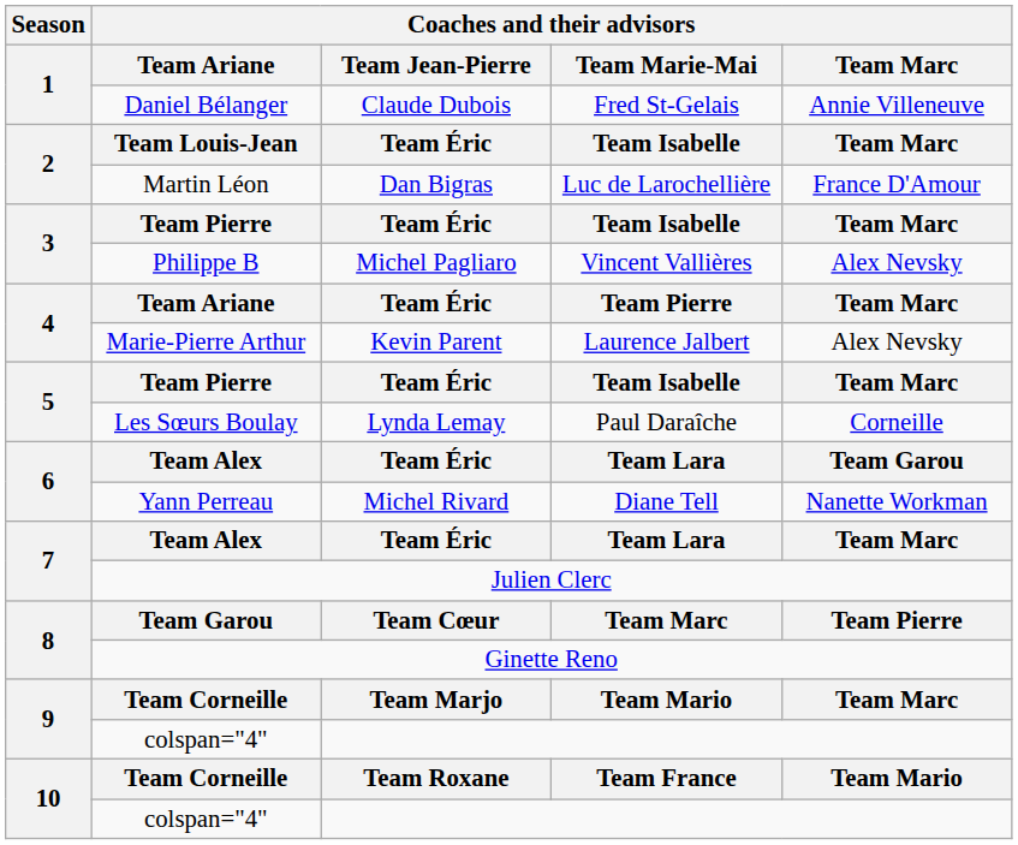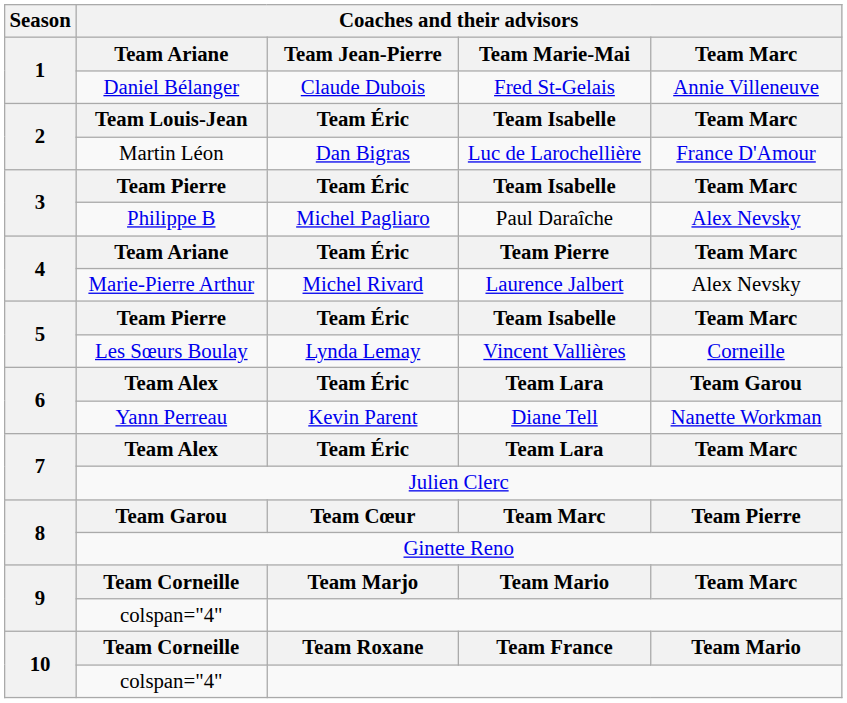 <table class="wikitable" style="text-align: center">
 <tr>
 <th>Season</th>
 <th colspan="4">Coaches and their advisors</th>
 </tr>
 <tr>
 <th rowspan="2">1</th>
 <th width="140">Team Ariane</th>
 <th width="140">Team Jean-Pierre</th>
 <th width="140">Team Marie-Mai</th>
 <th width="140">Team Marc</th>
 </tr>
 <tr>
 <td><a href='#'>Daniel Bélanger</a></td>
 <td><a href='#'>Claude Dubois</a></td>
 <td><a href='#'>Fred St-Gelais</a></td>
 <td><a href='#'>Annie Villeneuve</a></td>
 </tr>
 <tr>
 <th rowspan="2">2</th>
 <th>Team Louis-Jean</th>
 <th>Team Éric</th>
 <th>Team Isabelle</th>
 <th>Team Marc</th>
 </tr>
 <tr>
 <td>Martin Léon</td>
 <td><a href='#'>Dan Bigras</a></td>
 <td><a href='#'>Luc de Larochellière</a></td>
 <td><a href='#'>France D'Amour</a></td>
 </tr>
 <tr>
 <th rowspan="2">3</th>
 <th>Team Pierre</th>
 <th>Team Éric</th>
 <th>Team Isabelle</th>
 <th>Team Marc</th>
 </tr>
 <tr>
 <td><a href='#'>Philippe B</a></td>
 <td><a href='#'>Michel Pagliaro</a></td>
-<td><a href='#'>Vincent Vallières</a></td>
+<td>Paul Daraîche</td>
 <td><a href='#'>Alex Nevsky</a></td>
 </tr>
 <tr>
 <th rowspan="2">4</th>
 <th>Team Ariane</th>
 <th>Team Éric</th>
 <th>Team Pierre</th>
 <th>Team Marc</th>
 </tr>
 <tr>
 <td><a href='#'>Marie-Pierre Arthur</a></td>
-<td><a href='#'>Kevin Parent</a></td>
+<td><a href='#'>Michel Rivard</a></td>
 <td><a href='#'>Laurence Jalbert</a></td>
 <td>Alex Nevsky</td>
 </tr>
 <tr>
 <th rowspan="2">5</th>
 <th>Team Pierre</th>
 <th>Team Éric</th>
 <th>Team Isabelle</th>
 <th>Team Marc</th>
 </tr>
 <tr>
 <td><a href='#'>Les Sœurs Boulay</a></td>
 <td><a href='#'>Lynda Lemay</a></td>
-<td>Paul Daraîche</td>
+<td><a href='#'>Vincent Vallières</a></td>
 <td><a href='#'>Corneille</a></td>
 </tr>
 <tr>
 <th rowspan="2">6</th>
 <th>Team Alex</th>
 <th>Team Éric</th>
 <th>Team Lara</th>
 <th>Team Garou</th>
 </tr>
 <tr>
 <td><a href='#'>Yann Perreau</a></td>
-<td><a href='#'>Michel Rivard</a></td>
+<td><a href='#'>Kevin Parent</a></td>
 <td><a href='#'>Diane Tell</a></td>
 <td><a href='#'>Nanette Workman</a></td>
 </tr>
 <tr>
 <th rowspan="2">7</th>
 <th>Team Alex</th>
 <th>Team Éric</th>
 <th>Team Lara</th>
 <th>Team Marc</th>
 </tr>
 <tr>
 <td colspan="4"><a href='#'>Julien Clerc</a></td>
 </tr>
 <tr>
 <th rowspan="2">8</th>
 <th>Team Garou</th>
 <th>Team Cœur</th>
 <th>Team Marc</th>
 <th>Team Pierre</th>
 </tr>
 <tr>
 <td colspan="4"><a href='#'>Ginette Reno</a></td>
 </tr>
 <tr>
 <th rowspan="2">9</th>
 <th>Team Corneille</th>
 <th>Team Marjo</th>
 <th>Team Mario</th>
 <th>Team Marc</th>
 </tr>
 <tr>
 <td>colspan="4" </td>
 </tr>
 <tr>
 <th rowspan="2">10</th>
 <th>Team Corneille</th>
 <th>Team Roxane</th>
 <th>Team France</th>
 <th>Team Mario</th>
 </tr>
 <tr>
 <td>colspan="4" </td>
 </tr>
 </table>
